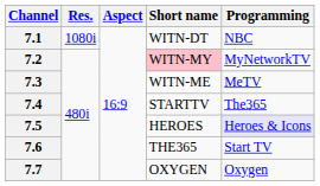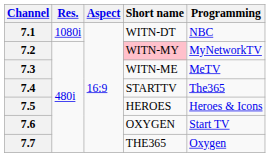 <table class="wikitable">
 <tr>
 <th scope="col"><a href='#'>Channel</a></th>
 <th scope="col"><a href='#'>Res.</a></th>
 <th scope="col"><a href='#'>Aspect</a></th>
 <th scope="col">Short name</th>
 <th scope="col">Programming</th>
 </tr>
 <tr>
 <th scope="row">7.1</th>
 <td><a href='#'>1080i</a></td>
 <td rowspan="7"><a href='#'>16:9</a></td>
 <td>WITN-DT</td>
 <td><a href='#'>NBC</a></td>
 </tr>
 <tr>
 <th scope="row">7.2</th>
 <td rowspan="6"><a href='#'>480i</a></td>
 <td style="background: pink;">WITN-MY</td>
 <td><a href='#'>MyNetworkTV</a></td>
 </tr>
 <tr>
 <th scope="row">7.3</th>
 <td>WITN-ME</td>
 <td><a href='#'>MeTV</a></td>
 </tr>
 <tr>
 <th scope="row">7.4</th>
 <td>STARTTV</td>
 <td><a href='#'>The365</a></td>
 </tr>
 <tr>
 <th scope="row">7.5</th>
 <td>HEROES</td>
-<td style="background: lavender;"><a href='#'>Heroes & Icons</a></td>
+<td><a href='#'>Heroes & Icons</a></td>
 </tr>
 <tr>
 <th scope="row">7.6</th>
-<td>THE365</td>
+<td>OXYGEN</td>
 <td><a href='#'>Start TV</a></td>
 </tr>
 <tr>
 <th scope="row">7.7</th>
-<td>OXYGEN</td>
+<td>THE365</td>
 <td><a href='#'>Oxygen</a></td>
 </tr>
 </table>
